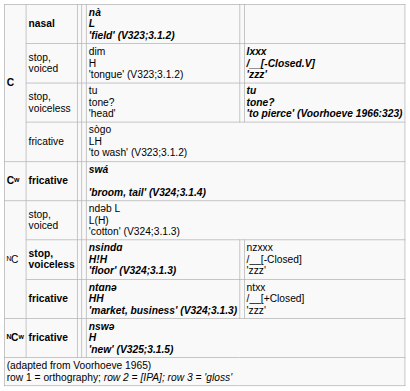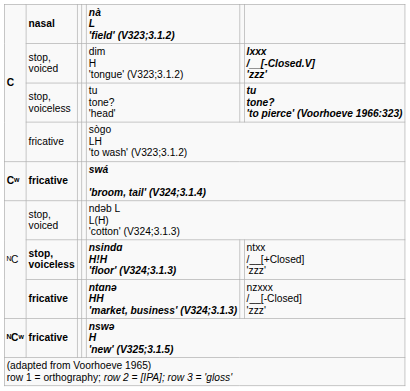 <table class="wikitable">
 <tr>
 <td rowspan="4"><strong>C</strong></td>
 <td><strong>nasal</strong></td>
 <td></td>
 <td></td>
 <td><strong><em>n<strong>à<em><br> L<br>'field' (V323;3.1.2)</td>
 <td></td>
 <td></td>
 </tr>
 <tr>
 <td></strong>stop,<strong><br></strong>voiced<strong></td>
 <td></td>
 <td></td>
 <td></em></strong>d</strong>im</em><br> H<br>'tongue' (V323;3.1.2)</td>
 <td></td>
 <td><strong><em>l<strong>xxx<em><br>  /__[-Closed.V]<br>'zzz'</td>
 </tr>
 <tr>
 <td></strong>stop,<strong><br></strong>voiceless<strong></td>
 <td></td>
 <td></td>
 <td></em></strong>t</strong>u</em><br> tone?<br>'head'</td>
 <td></td>
 <td><strong><em>t<strong>u<em><br> tone?<br>'to pierce' (Voorhoeve 1966:323)</td>
 </tr>
 <tr>
 <td></strong>fricative<strong></td>
 <td></td>
 <td></td>
 <td colspan="3"></em></strong>s</strong>ògo</em><br> LH<br>'to wash' (V323;3.1.2)</td>
 </tr>
 <tr>
 <td><strong>Cʷ</strong></td>
 <td><strong>fricative</strong></td>
 <td></td>
 <td></td>
 <td colspan="3"><strong><em>sw<strong>á<em><br><br>'broom, tail' (V324;3.1.4)</td>
 </tr>
 <tr>
 <td rowspan="3"></strong>ᴺC<strong></td>
 <td></strong>stop,<strong><br></strong>voiced<strong></td>
 <td></td>
 <td></td>
 <td colspan="3"></em></strong>nd</strong>əb L</em><br> L(H)<br>'cotton' (V324;3.1.3)</td>
 </tr>
 <tr>
 <td><strong>stop,</strong><br><strong>voiceless</strong></td>
 <td></td>
 <td></td>
 <td><strong><em>ns<strong>indɑ<em><br> H!H<br>'floor' (V324;3.1.3)</td>
 <td></td>
-<td></em></strong>nz</strong>xxx</em><br> /__[-Closed]<br>'zzz'</td>
+<td></em></strong>nt</strong>xx</em><br>/__[+Closed]<br>'zzz'</td>
 </tr>
 <tr>
 <td><strong>fricative</strong></td>
 <td></td>
 <td></td>
 <td><strong><em>nt<strong>ɑnə<em><br> HH<br>'market, business' (V324;3.1.3)</td>
 <td></td>
-<td></em></strong>nt</strong>xx</em><br>/__[+Closed]<br>'zzz'</td>
+<td></em></strong>nz</strong>xxx</em><br> /__[-Closed]<br>'zzz'</td>
 </tr>
 <tr>
 <td><strong>ᴺCʷ</strong></td>
 <td><strong>fricative</strong></td>
 <td></td>
 <td></td>
 <td colspan="3"><strong><em>nsw<strong>ə<em><br> H<br>'new' (V325;3.1.5)</td>
 </tr>
 <tr>
 <td colspan="7">(adapted from Voorhoeve 1965)<br>row 1 = </em>orthography;<em> row 2 = [IPA]; row 3 = 'gloss'</td>
 </tr>
 </table>
